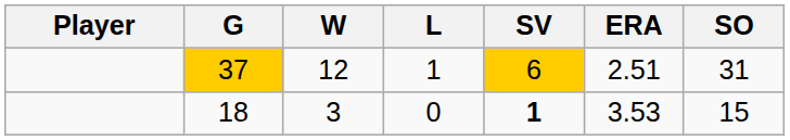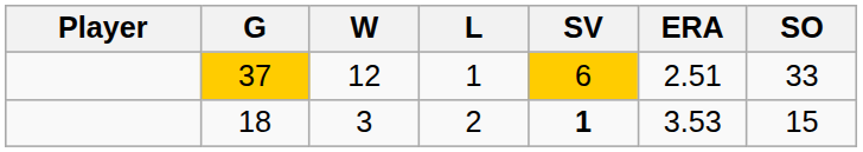 <table class="wikitable sortable">
 <tr>
 <th bgcolor="#DDDDFF" width="16%">Player</th>
 <th bgcolor="#DDDDFF" width="9%">G</th>
 <th bgcolor="#DDDDFF" width="9%">W</th>
 <th bgcolor="#DDDDFF" width="9%">L</th>
 <th bgcolor="#DDDDFF" width="9%">SV</th>
 <th bgcolor="#DDDDFF" width="9%">ERA</th>
 <th bgcolor="#DDDDFF" width="9%">SO</th>
 </tr>
 <tr align="center">
 <td></td>
 <td style="background:#fc0;">37</td>
 <td>12</td>
 <td>1</td>
 <td style="background:#fc0;">6</td>
 <td>2.51</td>
-<td>31</td>
+<td>33</td>
 </tr>
 <tr align="center">
 <td></td>
 <td>18</td>
 <td>3</td>
-<td>0</td>
+<td>2</td>
 <td><strong>1</strong></td>
 <td>3.53</td>
 <td>15</td>
 </tr>
 </table>
